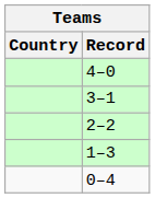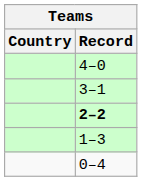 <table class="wikitable">
 <tr>
 <th colspan="4">Teams</th>
 </tr>
 <tr>
 <th>Country</th>
 <th>Record</th>
 </tr>
 <tr bgcolor="ccffcc">
 <td></td>
 <td>4–0</td>
 </tr>
 <tr bgcolor="ccffcc">
 <td></td>
 <td>3–1</td>
 </tr>
 <tr bgcolor="ccffcc">
 <td></td>
-<td>2–2</td>
+<td><strong>2–2</strong></td>
 </tr>
 <tr bgcolor="ccffcc">
 <td></td>
 <td>1–3</td>
 </tr>
 <tr>
 <td></td>
 <td>0–4</td>
 </tr>
 </table>
